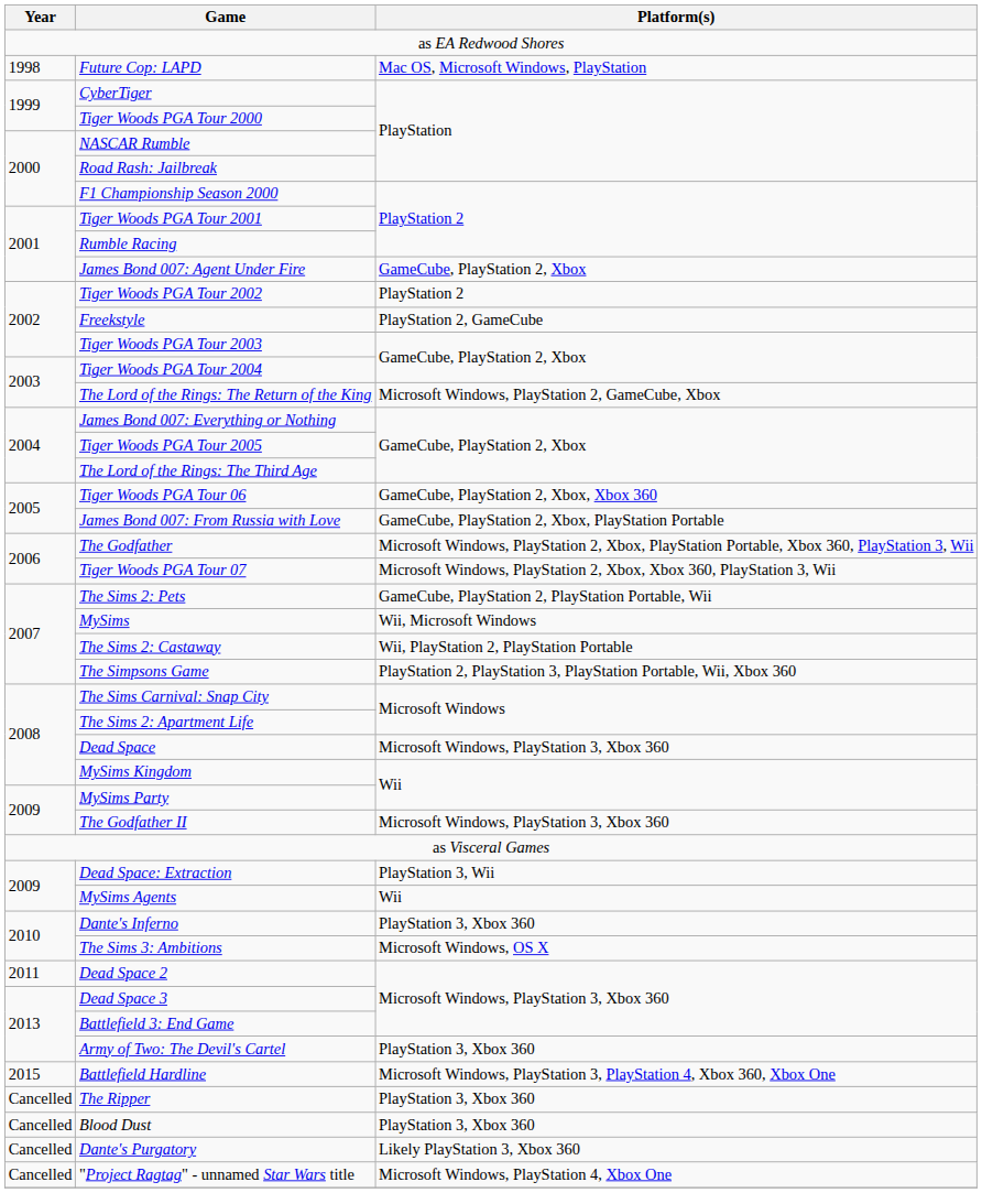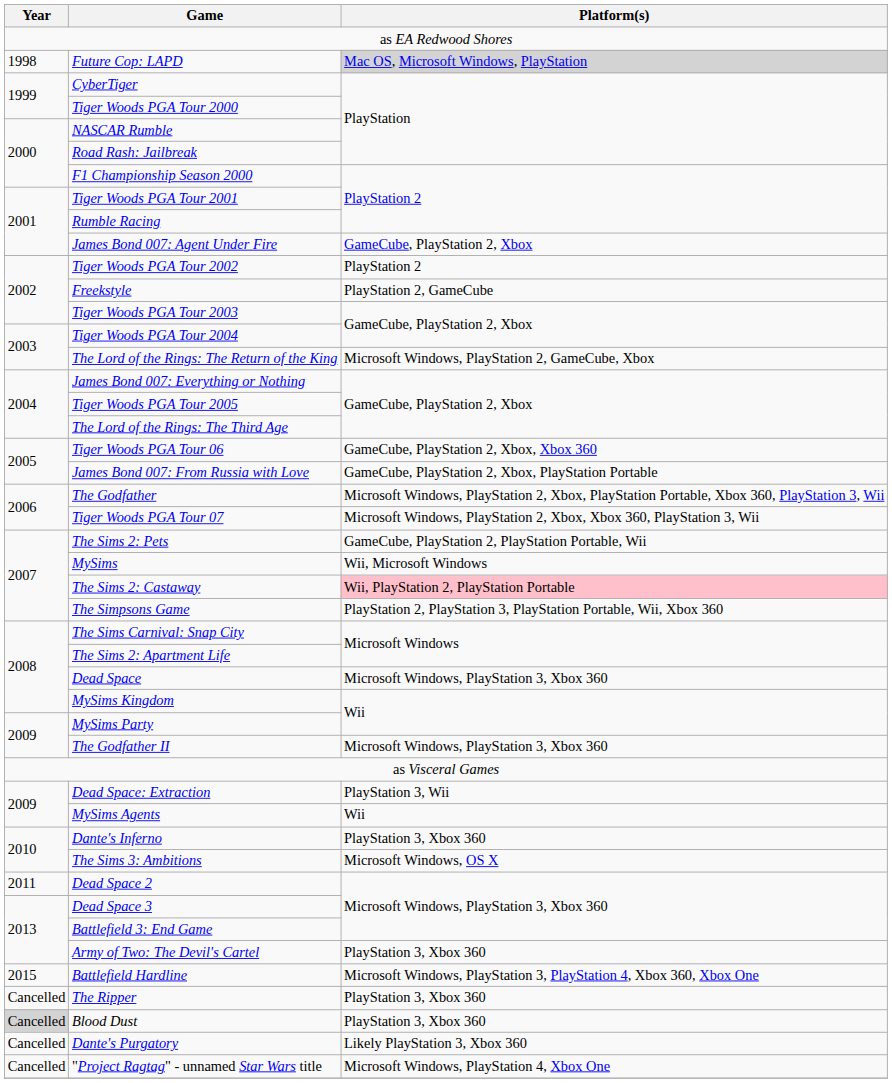 <table class="wikitable sortable">
 <tr>
 <th>Year</th>
 <th>Game</th>
 <th>Platform(s)</th>
 </tr>
 <tr>
 <td colspan="3" align="center">as <em>EA Redwood Shores</em></td>
 </tr>
 <tr>
 <td>1998</td>
 <td><em><a href='#'>Future Cop: LAPD</a></em></td>
-<td><a href='#'>Mac OS</a>, <a href='#'>Microsoft Windows</a>, <a href='#'>PlayStation</a></td>
+<td style="background: lightgrey;"><a href='#'>Mac OS</a>, <a href='#'>Microsoft Windows</a>, <a href='#'>PlayStation</a></td>
 </tr>
 <tr>
 <td rowspan="2">1999</td>
 <td><em><a href='#'>CyberTiger</a></em></td>
 <td rowspan="4">PlayStation</td>
 </tr>
 <tr>
 <td><em><a href='#'>Tiger Woods PGA Tour 2000</a></em></td>
 </tr>
 <tr>
 <td rowspan="3">2000</td>
 <td><em><a href='#'>NASCAR Rumble</a></em></td>
 </tr>
 <tr>
 <td><em><a href='#'>Road Rash: Jailbreak</a></em></td>
 </tr>
 <tr>
 <td><em><a href='#'>F1 Championship Season 2000</a></em></td>
 <td rowspan="3"><a href='#'>PlayStation 2</a></td>
 </tr>
 <tr>
 <td rowspan="3">2001</td>
 <td><em><a href='#'>Tiger Woods PGA Tour 2001</a></em></td>
 </tr>
 <tr>
 <td><em><a href='#'>Rumble Racing</a></em></td>
 </tr>
 <tr>
 <td><em><a href='#'>James Bond 007: Agent Under Fire</a></em></td>
 <td><a href='#'>GameCube</a>, PlayStation 2, <a href='#'>Xbox</a></td>
 </tr>
 <tr>
 <td rowspan="3">2002</td>
 <td><em><a href='#'>Tiger Woods PGA Tour 2002</a></em></td>
 <td>PlayStation 2</td>
 </tr>
 <tr>
 <td><em><a href='#'>Freekstyle</a></em></td>
 <td>PlayStation 2, GameCube</td>
 </tr>
 <tr>
 <td><em><a href='#'>Tiger Woods PGA Tour 2003</a></em></td>
 <td rowspan="2">GameCube, PlayStation 2, Xbox</td>
 </tr>
 <tr>
 <td rowspan="2">2003</td>
 <td><em><a href='#'>Tiger Woods PGA Tour 2004</a></em></td>
 </tr>
 <tr>
 <td><em><a href='#'>The Lord of the Rings: The Return of the King</a></em></td>
 <td>Microsoft Windows, PlayStation 2, GameCube, Xbox</td>
 </tr>
 <tr>
 <td rowspan="3">2004</td>
 <td><em><a href='#'>James Bond 007: Everything or Nothing</a></em></td>
 <td rowspan="3">GameCube, PlayStation 2, Xbox</td>
 </tr>
 <tr>
 <td><em><a href='#'>Tiger Woods PGA Tour 2005</a></em></td>
 </tr>
 <tr>
 <td><em><a href='#'>The Lord of the Rings: The Third Age</a></em></td>
 </tr>
 <tr>
 <td rowspan="2">2005</td>
 <td><em><a href='#'>Tiger Woods PGA Tour 06</a></em></td>
 <td>GameCube, PlayStation 2, Xbox, <a href='#'>Xbox 360</a></td>
 </tr>
 <tr>
 <td><em><a href='#'>James Bond 007: From Russia with Love</a></em></td>
 <td>GameCube, PlayStation 2, Xbox, PlayStation Portable</td>
 </tr>
 <tr>
 <td rowspan="2">2006</td>
 <td><em><a href='#'>The Godfather</a></em></td>
 <td>Microsoft Windows, PlayStation 2, Xbox, PlayStation Portable, Xbox 360, <a href='#'>PlayStation 3</a>, <a href='#'>Wii</a></td>
 </tr>
 <tr>
 <td><em><a href='#'>Tiger Woods PGA Tour 07</a></em></td>
 <td>Microsoft Windows, PlayStation 2, Xbox, Xbox 360, PlayStation 3, Wii</td>
 </tr>
 <tr>
 <td rowspan="4">2007</td>
 <td><em><a href='#'>The Sims 2: Pets</a></em></td>
 <td>GameCube, PlayStation 2, PlayStation Portable, Wii</td>
 </tr>
 <tr>
 <td><em><a href='#'>MySims</a></em></td>
 <td>Wii, Microsoft Windows</td>
 </tr>
 <tr>
 <td><em><a href='#'>The Sims 2: Castaway</a></em></td>
-<td>Wii, PlayStation 2, PlayStation Portable</td>
+<td style="background: pink;">Wii, PlayStation 2, PlayStation Portable</td>
 </tr>
 <tr>
 <td><em><a href='#'>The Simpsons Game</a></em></td>
 <td>PlayStation 2, PlayStation 3, PlayStation Portable, Wii, Xbox 360</td>
 </tr>
 <tr>
 <td rowspan="4">2008</td>
 <td><em><a href='#'>The Sims Carnival: Snap City</a></em></td>
 <td rowspan="2">Microsoft Windows</td>
 </tr>
 <tr>
 <td><em><a href='#'>The Sims 2: Apartment Life</a></em></td>
 </tr>
 <tr>
 <td><em><a href='#'>Dead Space</a></em></td>
 <td>Microsoft Windows, PlayStation 3, Xbox 360</td>
 </tr>
 <tr>
 <td><em><a href='#'>MySims Kingdom</a></em></td>
 <td rowspan="2">Wii</td>
 </tr>
 <tr>
 <td rowspan="2">2009</td>
 <td><em><a href='#'>MySims Party</a></em></td>
 </tr>
 <tr>
 <td><em><a href='#'>The Godfather II</a></em></td>
 <td>Microsoft Windows, PlayStation 3, Xbox 360</td>
 </tr>
 <tr>
 <td colspan="3" align="center">as <em>Visceral Games</em></td>
 </tr>
 <tr>
 <td rowspan="2">2009</td>
 <td><em><a href='#'>Dead Space: Extraction</a></em></td>
 <td>PlayStation 3, Wii</td>
 </tr>
 <tr>
 <td><em><a href='#'>MySims Agents</a></em></td>
 <td>Wii</td>
 </tr>
 <tr>
 <td rowspan="2">2010</td>
 <td><em><a href='#'>Dante's Inferno</a></em></td>
 <td>PlayStation 3, Xbox 360</td>
 </tr>
 <tr>
 <td><em><a href='#'>The Sims 3: Ambitions</a></em></td>
 <td>Microsoft Windows, <a href='#'>OS X</a></td>
 </tr>
 <tr>
 <td>2011</td>
 <td><em><a href='#'>Dead Space 2</a></em></td>
 <td rowspan="3">Microsoft Windows, PlayStation 3, Xbox 360</td>
 </tr>
 <tr>
 <td rowspan="3">2013</td>
 <td><em><a href='#'>Dead Space 3</a></em></td>
 </tr>
 <tr>
 <td><em><a href='#'>Battlefield 3: End Game</a></em></td>
 </tr>
 <tr>
 <td><em><a href='#'>Army of Two: The Devil's Cartel</a></em></td>
 <td>PlayStation 3, Xbox 360</td>
 </tr>
 <tr>
 <td>2015</td>
 <td><em><a href='#'>Battlefield Hardline</a></em></td>
 <td>Microsoft Windows, PlayStation 3, <a href='#'>PlayStation 4</a>, Xbox 360, <a href='#'>Xbox One</a></td>
 </tr>
 <tr>
 <td>Cancelled</td>
 <td><em><a href='#'>The Ripper</a></em></td>
 <td>PlayStation 3, Xbox 360</td>
 </tr>
 <tr>
-<td>Cancelled</td>
+<td style="background: lightgrey;">Cancelled</td>
 <td><em>Blood Dust</em></td>
 <td>PlayStation 3, Xbox 360</td>
 </tr>
 <tr>
 <td>Cancelled</td>
 <td><em><a href='#'>Dante's Purgatory</a></em></td>
 <td>Likely PlayStation 3, Xbox 360</td>
 </tr>
 <tr>
 <td>Cancelled</td>
 <td>"<em><a href='#'>Project Ragtag</a></em>" - unnamed <em><a href='#'>Star Wars</a></em> title</td>
 <td>Microsoft Windows, PlayStation 4, <a href='#'>Xbox One</a></td>
 </tr>
 <tr>
 </tr>
 </table>
